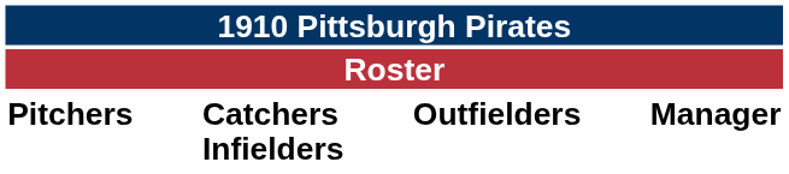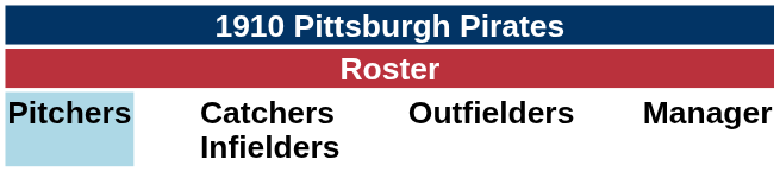 <table class="toccolours" style="font-size: 95%;">
 <tr>
 <th colspan="10" style="background-color: #023465; color: white; text-align: center;">1910 Pittsburgh Pirates</th>
 </tr>
 <tr>
 <td colspan="10" style="background-color: #ba313c; color: white; text-align: center;"><strong>Roster</strong></td>
 </tr>
 <tr>
-<td valign="top"><strong>Pitchers</strong><br>              </td>
+<td valign="top" style="background: lightblue;"><strong>Pitchers</strong><br>              </td>
 <td width="25px"></td>
 <td valign="top"><strong>Catchers</strong><br>   <strong>Infielders</strong>          </td>
 <td width="25px"></td>
 <td valign="top"><strong>Outfielders</strong><br>    </td>
 <td width="25px"></td>
 <td valign="top"><strong>Manager</strong><br></td>
 </tr>
 </table>
